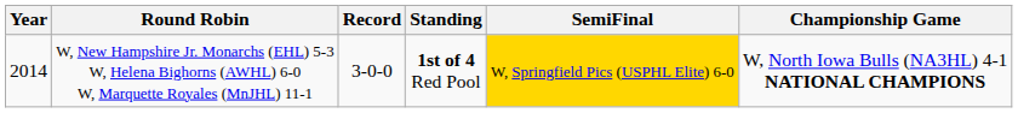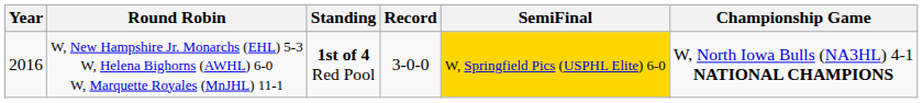 <table class="wikitable">
 <tr>
 <th>Year</th>
 <th>Round Robin</th>
+<th>Standing</th>
 <th>Record</th>
-<th>Standing</th>
 <th>SemiFinal</th>
 <th>Championship Game</th>
 </tr>
 <tr align=center>
-<td>2014</td>
+<td>2016</td>
 <td><small>W, <a href='#'>New Hampshire Jr. Monarchs</a> (<a href='#'>EHL</a>) 5-3<br>W, <a href='#'>Helena Bighorns</a> (<a href='#'>AWHL</a>) 6-0<br>W, <a href='#'>Marquette Royales</a> (<a href='#'>MnJHL</a>) 11-1</small></td>
+<td><strong>1st of 4</strong><br>Red Pool</td>
 <td>3-0-0</td>
-<td><strong>1st of 4</strong><br>Red Pool</td>
 <td style="background: gold;"><small>W, <a href='#'>Springfield Pics</a> (<a href='#'>USPHL Elite</a>) 6-0</small></td>
 <td>W, <a href='#'>North Iowa Bulls</a> (<a href='#'>NA3HL</a>) 4-1<br><strong>NATIONAL CHAMPIONS</strong></td>
 </tr>
 </table>
